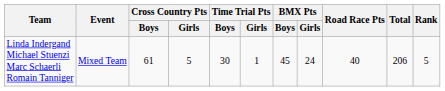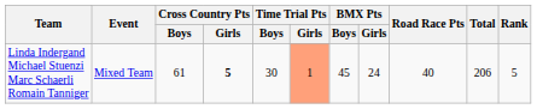 <table class="wikitable" border="1" style="font-size:90%">
 <tr>
 <th rowspan=2>Team</th>
 <th rowspan=2>Event</th>
 <th colspan=2>Cross Country Pts</th>
 <th colspan=2>Time Trial Pts</th>
 <th colspan=2>BMX Pts</th>
 <th rowspan=2>Road Race Pts</th>
 <th rowspan=2>Total</th>
 <th rowspan=2>Rank</th>
 </tr>
 <tr>
 <th>Boys</th>
 <th>Girls</th>
 <th>Boys</th>
 <th>Girls</th>
 <th>Boys</th>
 <th>Girls</th>
 </tr>
 <tr>
 <td><a href='#'>Linda Indergand</a><br><a href='#'>Michael Stuenzi</a><br><a href='#'>Marc Schaerli</a><br><a href='#'>Romain Tanniger</a></td>
 <td><a href='#'>Mixed Team</a></td>
 <td align=center>61</td>
-<td align=center>5</td>
+<td align=center><strong>5</strong></td>
 <td align=center>30</td>
-<td align=center>1</td>
+<td align=center style="background: lightsalmon;">1</td>
 <td align=center>45</td>
 <td align=center>24</td>
 <td align=center>40</td>
 <td align=center>206</td>
 <td align=center>5</td>
 </tr>
 </table>
